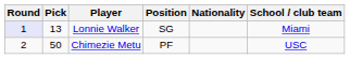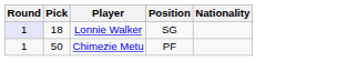 <table class="wikitable sortable sortable">
 <tr>
 <th>Round</th>
 <th>Pick</th>
 <th>Player</th>
 <th>Position</th>
 <th>Nationality</th>
-<th>School / club team</th>
 </tr>
 <tr style="text-align: center">
 <td style="background: lavender;">1</td>
-<td>13</td>
+<td>18</td>
 <td><a href='#'>Lonnie Walker</a></td>
 <td>SG</td>
 <td></td>
-<td><a href='#'>Miami</a></td>
 </tr>
 <tr style="text-align: center">
-<td>2</td>
+<td>1</td>
 <td>50</td>
 <td><a href='#'>Chimezie Metu</a></td>
 <td>PF</td>
 <td></td>
-<td><a href='#'>USC</a></td>
 </tr>
 </table>
